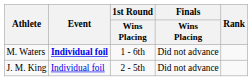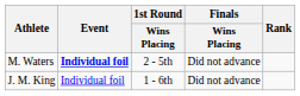 <table class="wikitable" style="font-size:90%">
 <tr>
 <th rowspan=2>Athlete</th>
 <th rowspan=2>Event</th>
 <th>1st Round</th>
 <th>Finals</th>
 <th rowspan=2>Rank</th>
 </tr>
 <tr style="font-size:95%">
 <th>Wins <br> Placing</th>
 <th>Wins <br> Placing</th>
 </tr>
 <tr align=center>
 <td align=left>M. Waters</td>
 <td align=left><strong><a href='#'>Individual foil</a></strong></td>
-<td>1 - 6th</td>
+<td>2 - 5th</td>
 <td>Did not advance</td>
 <td></td>
 </tr>
 <tr align=center>
 <td align=left>J. M. King</td>
 <td align=left><a href='#'>Individual foil</a></td>
-<td>2 - 5th</td>
+<td>1 - 6th</td>
 <td>Did not advance</td>
 <td></td>
 </tr>
 </table>
